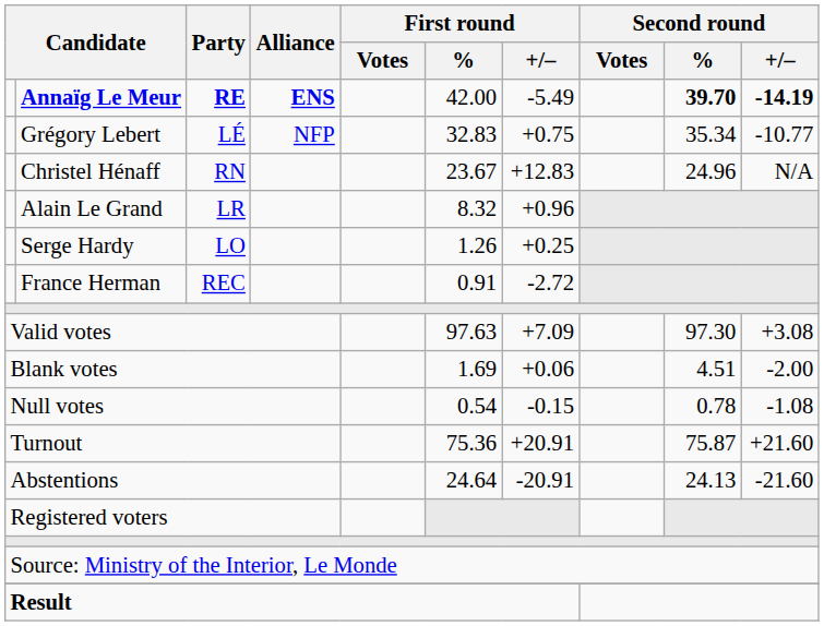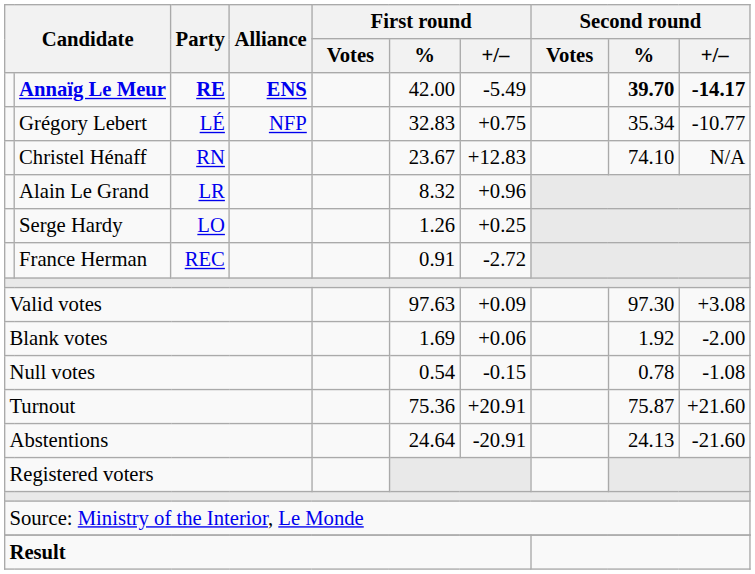 <table class="wikitable" style="text-align:right;font-size:95%;">
 <tr>
 <th rowspan="2" colspan="2">Candidate</th>
 <th rowspan="2">Party</th>
 <th rowspan="2">Alliance</th>
 <th colspan="3">First round</th>
 <th colspan="3">Second round</th>
 </tr>
 <tr>
 <th style="width:50px;">Votes</th>
 <th style="width:45px;">%</th>
 <th style="width:45px;">+/–</th>
 <th style="width:50px;">Votes</th>
 <th style="width:45px;">%</th>
 <th style="width:45px;">+/–</th>
 </tr>
 <tr>
 <td style="color:inherit;background:"></td>
 <td style="text-align:left;"><strong><a href='#'>Annaïg Le Meur</a></strong></td>
 <td><a href='#'><strong>RE</strong></a></td>
 <td><a href='#'><strong>ENS</strong></a></td>
 <td></td>
 <td>42.00</td>
 <td>-5.49</td>
 <td><strong></strong></td>
 <td><strong>39.70</strong></td>
-<td><strong>-14.19</strong></td>
+<td><strong>-14.17</strong></td>
 </tr>
 <tr>
 <td style="color:inherit;background:"></td>
 <td style="text-align:left;">Grégory Lebert</td>
 <td><a href='#'>LÉ</a></td>
 <td><a href='#'>NFP</a></td>
 <td></td>
 <td>32.83</td>
 <td>+0.75</td>
 <td></td>
 <td>35.34</td>
 <td>-10.77</td>
 </tr>
 <tr>
 <td style="color:inherit;background:"></td>
 <td style="text-align:left;">Christel Hénaff</td>
 <td><a href='#'>RN</a></td>
 <td></td>
 <td></td>
 <td>23.67</td>
 <td>+12.83</td>
 <td></td>
-<td>24.96</td>
+<td>74.10</td>
 <td>N/A</td>
 </tr>
 <tr>
 <td style="color:inherit;background:"></td>
 <td style="text-align:left;">Alain Le Grand</td>
 <td><a href='#'>LR</a></td>
 <td></td>
 <td></td>
 <td>8.32</td>
 <td>+0.96</td>
 <td colspan="3" style="background:#E9E9E9;"></td>
 </tr>
 <tr>
 <td style="color:inherit;background:"></td>
 <td style="text-align:left;">Serge Hardy</td>
 <td><a href='#'>LO</a></td>
 <td></td>
 <td></td>
 <td>1.26</td>
 <td>+0.25</td>
 <td colspan="3" style="background:#E9E9E9;"></td>
 </tr>
 <tr>
 <td style="color:inherit;background:"></td>
 <td style="text-align:left;">France Herman</td>
 <td><a href='#'>REC</a></td>
 <td></td>
 <td></td>
 <td>0.91</td>
 <td>-2.72</td>
 <td colspan="3" style="background:#E9E9E9;"></td>
 </tr>
 <tr>
 <td colspan="10" style="background:#E9E9E9;"></td>
 </tr>
 <tr>
 <td colspan="4" style="text-align:left;">Valid votes</td>
 <td></td>
 <td>97.63</td>
-<td>+7.09</td>
+<td>+0.09</td>
 <td></td>
 <td>97.30</td>
 <td>+3.08</td>
 </tr>
 <tr>
 <td colspan="4" style="text-align:left;">Blank votes</td>
 <td></td>
 <td>1.69</td>
 <td>+0.06</td>
 <td></td>
-<td>4.51</td>
+<td>1.92</td>
 <td>-2.00</td>
 </tr>
 <tr>
 <td colspan="4" style="text-align:left;">Null votes</td>
 <td></td>
 <td>0.54</td>
 <td>-0.15</td>
 <td></td>
 <td>0.78</td>
 <td>-1.08</td>
 </tr>
 <tr>
 <td colspan="4" style="text-align:left;">Turnout</td>
 <td></td>
 <td>75.36</td>
 <td>+20.91</td>
 <td></td>
 <td>75.87</td>
 <td>+21.60</td>
 </tr>
 <tr>
 <td colspan="4" style="text-align:left;">Abstentions</td>
 <td></td>
 <td>24.64</td>
 <td>-20.91</td>
 <td></td>
 <td>24.13</td>
 <td>-21.60</td>
 </tr>
 <tr>
 <td colspan="4" style="text-align:left;">Registered voters</td>
 <td></td>
 <td colspan="2" style="background:#E9E9E9;"></td>
 <td></td>
 <td colspan="2" style="background:#E9E9E9;"></td>
 </tr>
 <tr>
 <td colspan="10" style="background:#E9E9E9;"></td>
 </tr>
 <tr>
 <td colspan="10" style="text-align:left;">Source: <a href='#'>Ministry of the Interior</a>, <a href='#'>Le Monde</a></td>
 </tr>
 <tr>
 </tr>
 <tr style="font-weight:bold">
 <td colspan="7" style="text-align:left;">Result</td>
 <td colspan="7" style="background-color:"></td>
 </tr>
 </table>
